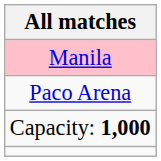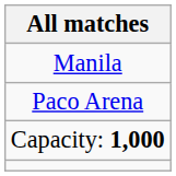 <table class="wikitable" style="text-align:center">
 <tr>
 <th>All matches</th>
 </tr>
 <tr>
-<td style="background: pink;"><a href='#'>Manila</a></td>
+<td><a href='#'>Manila</a></td>
 </tr>
 <tr>
 <td><a href='#'>Paco Arena</a></td>
 </tr>
 <tr>
 <td>Capacity: <strong>1,000</strong></td>
 </tr>
 <tr>
 <td></td>
 </tr>
 </table>
